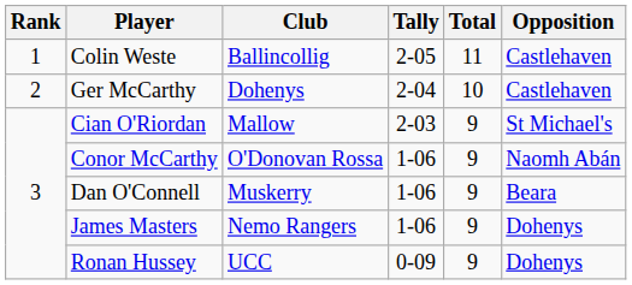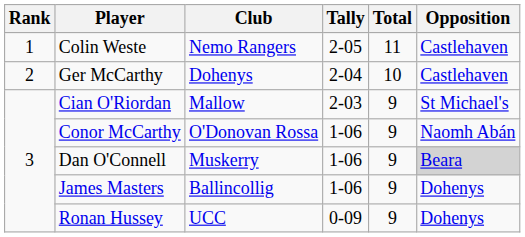 <table class="wikitable">
 <tr>
 <th>Rank</th>
 <th>Player</th>
 <th>Club</th>
 <th>Tally</th>
 <th>Total</th>
 <th>Opposition</th>
 </tr>
 <tr>
 <td rowspan="1" style="text-align:center;">1</td>
 <td>Colin Weste</td>
-<td><a href='#'>Ballincollig</a></td>
+<td><a href='#'>Nemo Rangers</a></td>
 <td align=center>2-05</td>
 <td align=center>11</td>
 <td><a href='#'>Castlehaven</a></td>
 </tr>
 <tr>
 <td rowspan="1" style="text-align:center;">2</td>
 <td>Ger McCarthy</td>
 <td><a href='#'>Dohenys</a></td>
 <td align=center>2-04</td>
 <td align=center>10</td>
 <td><a href='#'>Castlehaven</a></td>
 </tr>
 <tr>
 <td rowspan="5" style="text-align:center;">3</td>
 <td><a href='#'>Cian O'Riordan</a></td>
 <td><a href='#'>Mallow</a></td>
 <td align=center>2-03</td>
 <td align=center>9</td>
 <td><a href='#'>St Michael's</a></td>
 </tr>
 <tr>
 <td><a href='#'>Conor McCarthy</a></td>
 <td><a href='#'>O'Donovan Rossa</a></td>
 <td align=center>1-06</td>
 <td align=center>9</td>
 <td><a href='#'>Naomh Abán</a></td>
 </tr>
 <tr>
 <td>Dan O'Connell</td>
 <td><a href='#'>Muskerry</a></td>
 <td align=center>1-06</td>
 <td align=center>9</td>
-<td><a href='#'>Beara</a></td>
+<td style="background: lightgrey;"><a href='#'>Beara</a></td>
 </tr>
 <tr>
 <td><a href='#'>James Masters</a></td>
-<td><a href='#'>Nemo Rangers</a></td>
+<td><a href='#'>Ballincollig</a></td>
 <td align=center>1-06</td>
 <td align=center>9</td>
 <td><a href='#'>Dohenys</a></td>
 </tr>
 <tr>
 <td><a href='#'>Ronan Hussey</a></td>
 <td><a href='#'>UCC</a></td>
 <td align=center>0-09</td>
 <td align=center>9</td>
 <td><a href='#'>Dohenys</a></td>
 </tr>
 </table>
